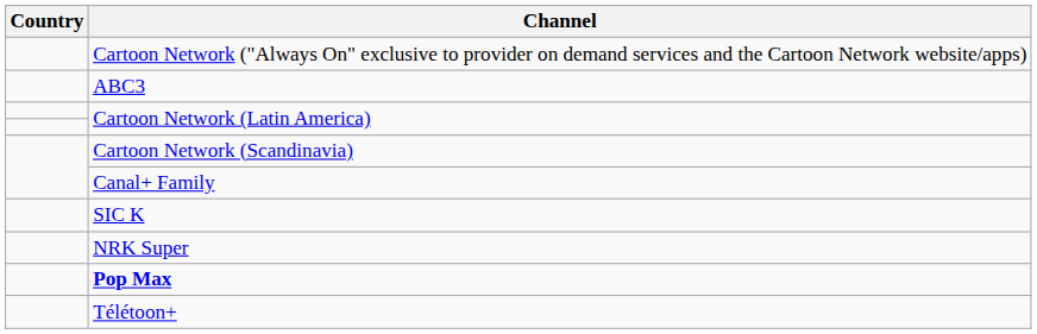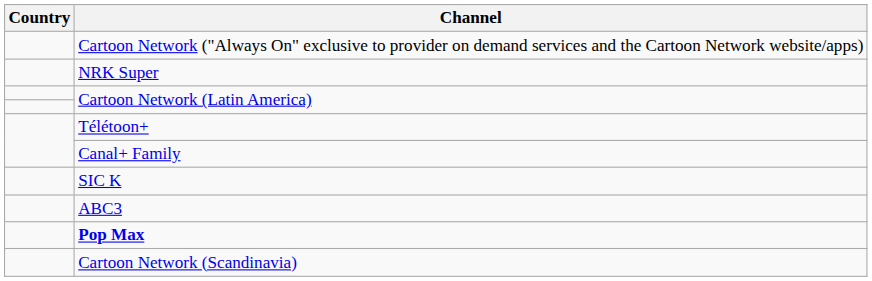 <table class=wikitable>
 <tr>
 <th>Country</th>
 <th>Channel</th>
 </tr>
 <tr>
 <td></td>
 <td><a href='#'>Cartoon Network</a> ("Always On" exclusive to provider on demand services and the Cartoon Network website/apps)</td>
 </tr>
 <tr>
 <td></td>
-<td><a href='#'>ABC3</a></td>
+<td><a href='#'>NRK Super</a></td>
 </tr>
 <tr>
 <td></td>
 <td rowspan="2"><a href='#'>Cartoon Network (Latin America)</a></td>
 </tr>
 <tr>
 <td></td>
 </tr>
 <tr>
 <td rowspan="2"></td>
-<td><a href='#'>Cartoon Network (Scandinavia)</a></td>
+<td><a href='#'>Télétoon+</a></td>
 </tr>
 <tr>
 <td><a href='#'>Canal+ Family</a></td>
 </tr>
 <tr>
 <td></td>
 <td><a href='#'>SIC K</a></td>
 </tr>
 <tr>
 <td></td>
-<td><a href='#'>NRK Super</a></td>
+<td><a href='#'>ABC3</a></td>
 </tr>
 <tr>
 <td></td>
 <td><strong><a href='#'>Pop Max</a></strong></td>
 </tr>
 <tr>
 <td></td>
-<td><a href='#'>Télétoon+</a></td>
+<td><a href='#'>Cartoon Network (Scandinavia)</a></td>
 </tr>
 </table>
